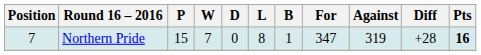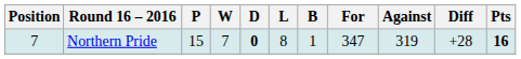 <table class="wikitable" style="text-align:center; font-size:85%;">
 <tr>
 <th width=40 abbr="Position">Position</th>
 <th width=100>Round 16 – 2016</th>
 <th width=20 abbr="Played">P</th>
 <th width=20 abbr="Won">W</th>
 <th width=20 abbr="Drawn">D</th>
 <th width=20 abbr="Lost">L</th>
 <th width=20 abbr="Bye">B</th>
 <th width=40 abbr="Points for">For</th>
 <th width=40 abbr="Points against">Against</th>
 <th width=40 abbr="Points difference">Diff</th>
 <th width=20 abbr="Points">Pts</th>
 </tr>
 <tr style="background: #d7ebed;">
 <td>7</td>
 <td style="text-align:left;"> <a href='#'>Northern Pride</a></td>
 <td>15</td>
 <td>7</td>
-<td>0</td>
+<td><strong>0</strong></td>
 <td>8</td>
 <td>1</td>
 <td>347</td>
 <td>319</td>
 <td>+28</td>
 <td><strong>16</strong></td>
 </tr>
 <tr>
 </tr>
 </table>
